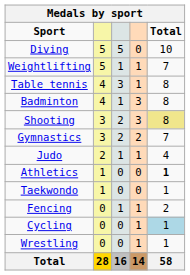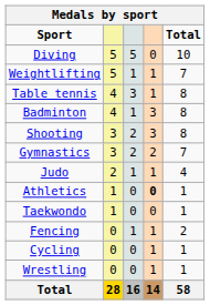 <table class="wikitable" style="font-size:85%; float:right;">
 <tr style="background:#efefef;">
 <th colspan=7>Medals by sport</th>
 </tr>
 <tr align=center>
 <td><strong>Sport</strong></td>
 <td style="background:#f7f6a8;"></td>
 <td style="background:#dce5e5;"></td>
 <td style="background:#ffdab9;"></td>
 <td><strong>Total</strong></td>
 </tr>
 <tr align=center>
 <td><a href='#'>Diving</a></td>
 <td style="background:#f7f6a8;">5</td>
 <td style="background:#dce5e5;">5</td>
 <td style="background:#ffdab9;">0</td>
 <td>10</td>
 </tr>
 <tr align=center>
 <td><a href='#'>Weightlifting</a></td>
 <td style="background:#f7f6a8;">5</td>
 <td style="background:#dce5e5;">1</td>
 <td style="background:#ffdab9;">1</td>
 <td>7</td>
 </tr>
 <tr align=center>
 <td><a href='#'>Table tennis</a></td>
 <td style="background:#f7f6a8;">4</td>
 <td style="background:#dce5e5;">3</td>
 <td style="background:#ffdab9;">1</td>
 <td>8</td>
 </tr>
 <tr align=center>
 <td><a href='#'>Badminton</a></td>
 <td style="background:#f7f6a8;">4</td>
 <td style="background:#dce5e5;">1</td>
 <td style="background:#ffdab9;">3</td>
 <td>8</td>
 </tr>
 <tr align=center>
 <td><a href='#'>Shooting</a></td>
 <td style="background:#f7f6a8;">3</td>
 <td style="background:#dce5e5;">2</td>
 <td style="background:#ffdab9;">3</td>
-<td style="background: khaki;">8</td>
+<td>8</td>
 </tr>
 <tr align=center>
 <td><a href='#'>Gymnastics</a></td>
 <td style="background:#f7f6a8;">3</td>
 <td style="background:#dce5e5;">2</td>
 <td style="background:#ffdab9;">2</td>
 <td>7</td>
 </tr>
 <tr align=center>
 <td><a href='#'>Judo</a></td>
 <td style="background:#f7f6a8;">2</td>
 <td style="background:#dce5e5;">1</td>
 <td style="background:#ffdab9;">1</td>
 <td>4</td>
 </tr>
 <tr align=center>
 <td><a href='#'>Athletics</a></td>
 <td style="background:#f7f6a8;">1</td>
 <td style="background:#dce5e5;">0</td>
-<td style="background:#ffdab9;">0</td>
-<td><strong>1</strong></td>
+<td style="background:#ffdab9;"><strong>0</strong></td>
+<td>1</td>
 </tr>
 <tr align=center>
 <td><a href='#'>Taekwondo</a></td>
 <td style="background:#f7f6a8;">1</td>
 <td style="background:#dce5e5;">0</td>
 <td style="background:#ffdab9;">0</td>
 <td>1</td>
 </tr>
 <tr align=center>
 <td><a href='#'>Fencing</a></td>
 <td style="background:#f7f6a8;">0</td>
 <td style="background:#dce5e5;">1</td>
 <td style="background:#ffdab9;">1</td>
 <td>2</td>
 </tr>
 <tr align=center>
 <td><a href='#'>Cycling</a></td>
 <td style="background:#f7f6a8;">0</td>
 <td style="background:#dce5e5;">0</td>
 <td style="background:#ffdab9;">1</td>
-<td style="background: lightblue;">1</td>
+<td>1</td>
 </tr>
 <tr align=center>
 <td><a href='#'>Wrestling</a></td>
 <td style="background:#f7f6a8;">0</td>
 <td style="background:#dce5e5;">0</td>
 <td style="background:#ffdab9;">1</td>
 <td>1</td>
 </tr>
 <tr align=center>
 <th>Total</th>
 <th style="background:gold;">28</th>
 <th style="background:silver;">16</th>
 <th style="background:#c96;">14</th>
 <th>58</th>
 </tr>
 </table>
